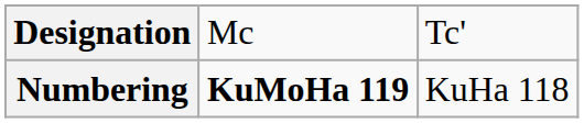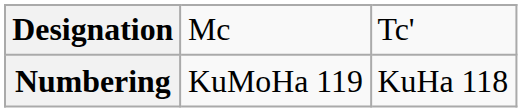 <table class="wikitable">
 <tr>
 <th>Designation</th>
 <td>Mc</td>
 <td>Tc'</td>
 </tr>
 <tr>
 <th>Numbering</th>
-<td><strong>KuMoHa 119</strong></td>
+<td>KuMoHa 119</td>
 <td>KuHa 118</td>
 </tr>
 </table>
